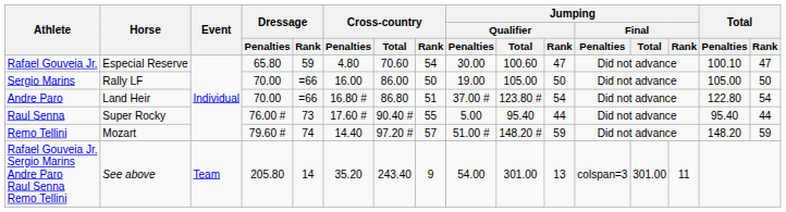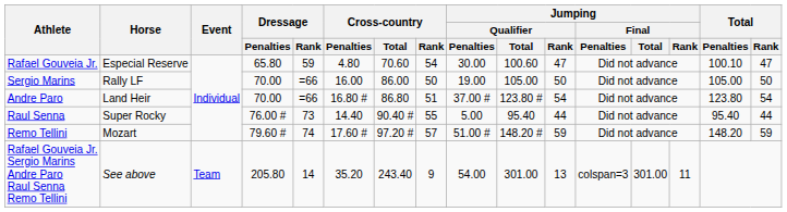 <table class=wikitable style="font-size:90%">
 <tr>
 <th rowspan="3">Athlete</th>
 <th rowspan="3">Horse</th>
 <th rowspan="3">Event</th>
 <th colspan="2" rowspan="2">Dressage</th>
 <th colspan="3" rowspan="2">Cross-country</th>
 <th colspan="6">Jumping</th>
 <th colspan="2" rowspan="2">Total</th>
 </tr>
 <tr style="font-size:95%">
 <th colspan="3">Qualifier</th>
 <th colspan="3">Final</th>
 </tr>
 <tr style="font-size:95%">
 <th>Penalties</th>
 <th>Rank</th>
 <th>Penalties</th>
 <th>Total</th>
 <th>Rank</th>
 <th>Penalties</th>
 <th>Total</th>
 <th>Rank</th>
 <th>Penalties</th>
 <th>Total</th>
 <th>Rank</th>
 <th>Penalties</th>
 <th>Rank</th>
 </tr>
 <tr align=center>
 <td align=left><a href='#'>Rafael Gouveia Jr.</a></td>
 <td align=left>Especial Reserve</td>
 <td align=left rowspan=5><a href='#'>Individual</a></td>
 <td>65.80</td>
 <td>59</td>
 <td>4.80</td>
 <td>70.60</td>
 <td>54</td>
 <td>30.00</td>
 <td>100.60</td>
 <td>47</td>
 <td colspan=3>Did not advance</td>
 <td>100.10</td>
 <td>47</td>
 </tr>
 <tr align=center>
 <td align=left><a href='#'>Sergio Marins</a></td>
 <td align=left>Rally LF</td>
 <td>70.00</td>
 <td>=66</td>
 <td>16.00</td>
 <td>86.00</td>
 <td>50</td>
 <td>19.00</td>
 <td>105.00</td>
 <td>50</td>
 <td colspan=3>Did not advance</td>
 <td>105.00</td>
 <td>50</td>
 </tr>
 <tr align=center>
 <td align=left><a href='#'>Andre Paro</a></td>
 <td align=left>Land Heir</td>
 <td>70.00</td>
 <td>=66</td>
 <td>16.80 #</td>
 <td>86.80</td>
 <td>51</td>
 <td>37.00 #</td>
 <td>123.80 #</td>
 <td>54</td>
 <td colspan=3>Did not advance</td>
-<td>122.80</td>
+<td>123.80</td>
 <td>54</td>
 </tr>
 <tr align=center>
 <td align=left><a href='#'>Raul Senna</a></td>
 <td align=left>Super Rocky</td>
 <td>76.00 #</td>
 <td>73</td>
-<td>17.60 #</td>
+<td>14.40</td>
 <td>90.40 #</td>
 <td>55</td>
 <td>5.00</td>
 <td>95.40</td>
 <td>44</td>
 <td colspan=3>Did not advance</td>
 <td>95.40</td>
 <td>44</td>
 </tr>
 <tr align=center>
 <td align=left><a href='#'>Remo Tellini</a></td>
 <td align=left>Mozart</td>
 <td>79.60 #</td>
 <td>74</td>
-<td>14.40</td>
+<td>17.60 #</td>
 <td>97.20 #</td>
 <td>57</td>
 <td>51.00 #</td>
 <td>148.20 #</td>
 <td>59</td>
 <td colspan=3>Did not advance</td>
 <td>148.20</td>
 <td>59</td>
 </tr>
 <tr align=center>
 <td align=left><a href='#'>Rafael Gouveia Jr.</a><br><a href='#'>Sergio Marins</a><br><a href='#'>Andre Paro</a><br><a href='#'>Raul Senna</a><br><a href='#'>Remo Tellini</a></td>
 <td align=left><em>See above</em></td>
 <td align=left><a href='#'>Team</a></td>
 <td>205.80</td>
 <td>14</td>
 <td>35.20</td>
 <td>243.40</td>
 <td>9</td>
 <td>54.00</td>
 <td>301.00</td>
 <td>13</td>
 <td>colspan=3 </td>
 <td>301.00</td>
 <td>11</td>
 </tr>
 </table>
